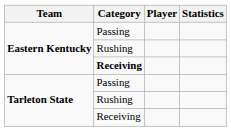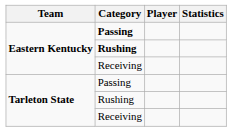 <table class="wikitable" style="float: right;">
 <tr>
 <th>Team</th>
 <th>Category</th>
 <th>Player</th>
 <th>Statistics</th>
 </tr>
 <tr>
 <td rowspan=3><strong>Eastern Kentucky</strong></td>
-<td>Passing</td>
+<td><strong>Passing</strong></td>
 <td></td>
 <td></td>
 </tr>
 <tr>
-<td>Rushing</td>
+<td><strong>Rushing</strong></td>
 <td></td>
 <td></td>
 </tr>
 <tr>
-<td><strong>Receiving</strong></td>
+<td>Receiving</td>
 <td></td>
 <td></td>
 </tr>
 <tr>
 <td rowspan=3><strong>Tarleton State</strong></td>
 <td>Passing</td>
 <td></td>
 <td></td>
 </tr>
 <tr>
 <td>Rushing</td>
 <td></td>
 <td></td>
 </tr>
 <tr>
 <td>Receiving</td>
 <td></td>
 <td></td>
 </tr>
 </table>
